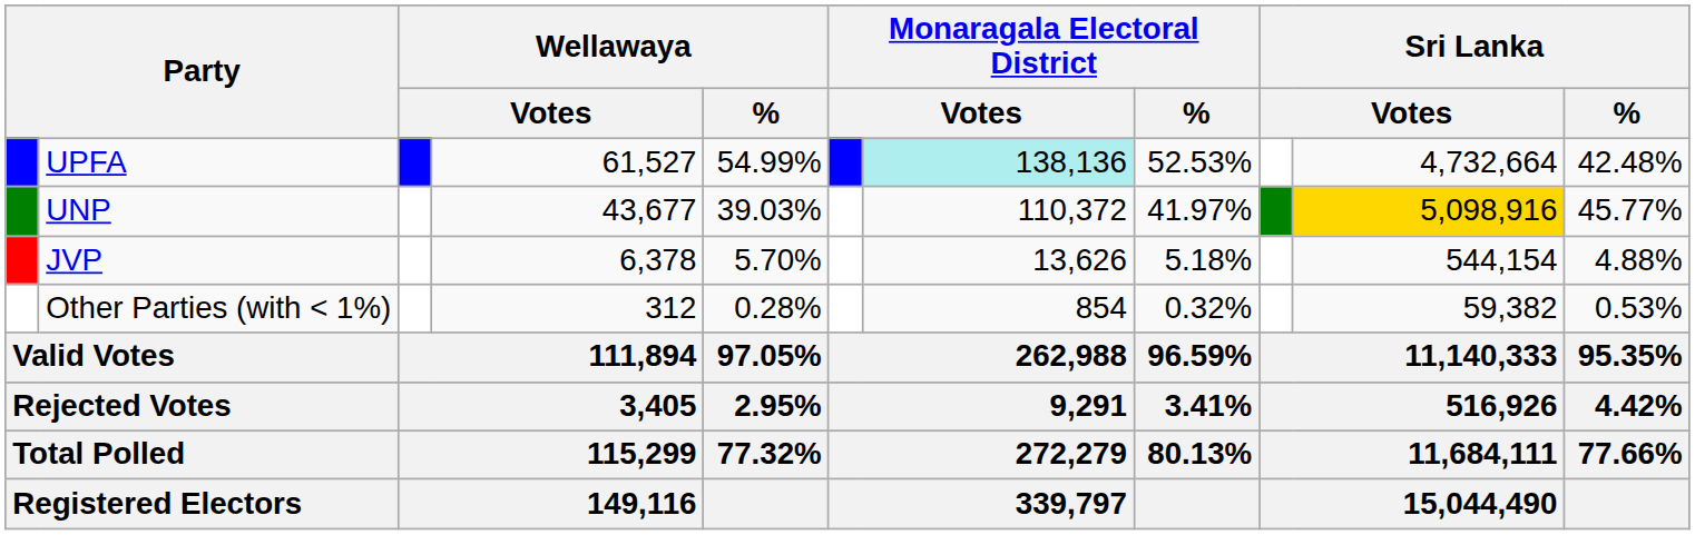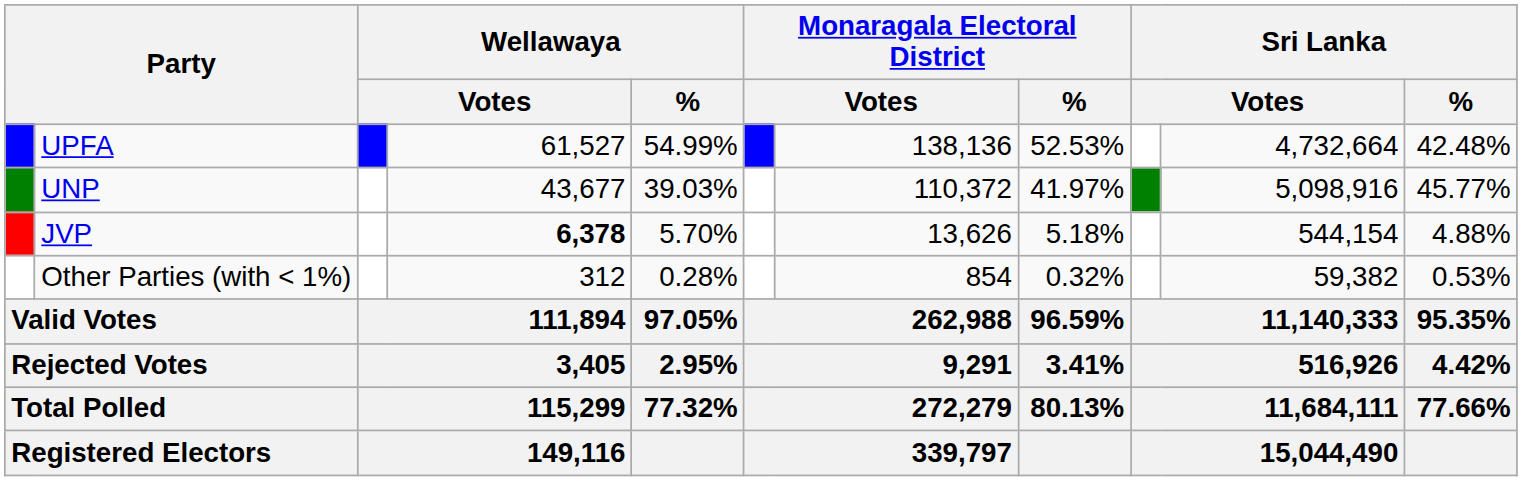 <table class="wikitable">
 <tr>
 <th colspan="2" width="144px"rowspan="2">Party</th>
 <th colspan="3" width="216px">Wellawaya</th>
 <th colspan="3" width="216px"><a href='#'>Monaragala Electoral District</a></th>
 <th colspan="3" width="216px">Sri Lanka</th>
 </tr>
 <tr>
 <th colspan="2" width="144px">Votes</th>
 <th>%</th>
 <th colspan="2" width="144px">Votes</th>
 <th>%</th>
 <th colspan="2" width="144px">Votes</th>
 <th>%</th>
 </tr>
 <tr>
 <td style="background-color:blue;" width="10px"></td>
 <td style="text-align:left;"><a href='#'>UPFA</a></td>
 <td style="background-color:blue;" width="10px"></td>
 <td style="text-align:right;">61,527</td>
 <td style="text-align:right;">54.99%</td>
 <td style="background-color:blue;" width="10px"></td>
-<td style="background: paleturquoise; text-align:right;">138,136</td>
+<td style="text-align:right;">138,136</td>
 <td style="text-align:right;">52.53%</td>
 <td style="background-color:white;" width="10px"></td>
 <td style="text-align:right;">4,732,664</td>
 <td style="text-align:right;">42.48%</td>
 </tr>
 <tr>
 <td style="background-color:green;" width="10px"></td>
 <td style="text-align:left;"><a href='#'>UNP</a></td>
 <td style="background-color:white;" width="10px"></td>
 <td style="text-align:right;">43,677</td>
 <td style="text-align:right;">39.03%</td>
 <td style="background-color:white;" width="10px"></td>
 <td style="text-align:right;">110,372</td>
 <td style="text-align:right;">41.97%</td>
 <td style="background-color:green;" width="10px"></td>
-<td style="background: gold; text-align:right;">5,098,916</td>
+<td style="text-align:right;">5,098,916</td>
 <td style="text-align:right;">45.77%</td>
 </tr>
 <tr>
 <td style="background-color:red;" width="10px"></td>
 <td style="text-align:left;"><a href='#'>JVP</a></td>
 <td style="background-color:white;" width="10px"></td>
-<td style="text-align:right;">6,378</td>
+<td style="text-align:right;"><strong>6,378</strong></td>
 <td style="text-align:right;">5.70%</td>
 <td style="background-color:white;" width="10px"></td>
 <td style="text-align:right;">13,626</td>
 <td style="text-align:right;">5.18%</td>
 <td style="background-color:white;" width="10px"></td>
 <td style="text-align:right;">544,154</td>
 <td style="text-align:right;">4.88%</td>
 </tr>
 <tr>
 <td style="background-color:white;" width="10px"></td>
 <td style="text-align:left;">Other Parties (with < 1%)</td>
 <td style="background-color:white;" width="10px"></td>
 <td style="text-align:right;">312</td>
 <td style="text-align:right;">0.28%</td>
 <td style="background-color:white;" width="10px"></td>
 <td style="text-align:right;">854</td>
 <td style="text-align:right;">0.32%</td>
 <td style="background-color:white;" width="10px"></td>
 <td style="text-align:right;">59,382</td>
 <td style="text-align:right;">0.53%</td>
 </tr>
 <tr>
 <th colspan="2" width="144px"style="text-align:left;">Valid Votes</th>
 <th style="text-align:right;"colspan="2" width="144px">111,894</th>
 <th style="text-align:right;">97.05%</th>
 <th style="text-align:right;"colspan="2" width="144px">262,988</th>
 <th style="text-align:right;">96.59%</th>
 <th style="text-align:right;"colspan="2" width="144px">11,140,333</th>
 <th style="text-align:right;">95.35%</th>
 </tr>
 <tr>
 <th colspan="2" width="144px"style="text-align:left;">Rejected Votes</th>
 <th style="text-align:right;"colspan="2" width="144px">3,405</th>
 <th style="text-align:right;">2.95%</th>
 <th style="text-align:right;"colspan="2" width="144px">9,291</th>
 <th style="text-align:right;">3.41%</th>
 <th style="text-align:right;"colspan="2" width="144px">516,926</th>
 <th style="text-align:right;">4.42%</th>
 </tr>
 <tr>
 <th colspan="2" width="144px"style="text-align:left;">Total Polled</th>
 <th style="text-align:right;"colspan="2" width="144px">115,299</th>
 <th style="text-align:right;">77.32%</th>
 <th style="text-align:right;"colspan="2" width="144px">272,279</th>
 <th style="text-align:right;">80.13%</th>
 <th style="text-align:right;"colspan="2" width="144px">11,684,111</th>
 <th style="text-align:right;">77.66%</th>
 </tr>
 <tr>
 <th colspan="2" width="144px"style="text-align:left;">Registered Electors</th>
 <th style="text-align:right;"colspan="2" width="144px">149,116</th>
 <th></th>
 <th style="text-align:right;"colspan="2" width="144px">339,797</th>
 <th></th>
 <th style="text-align:right;"colspan="2" width="144px">15,044,490</th>
 <th></th>
 </tr>
 </table>
